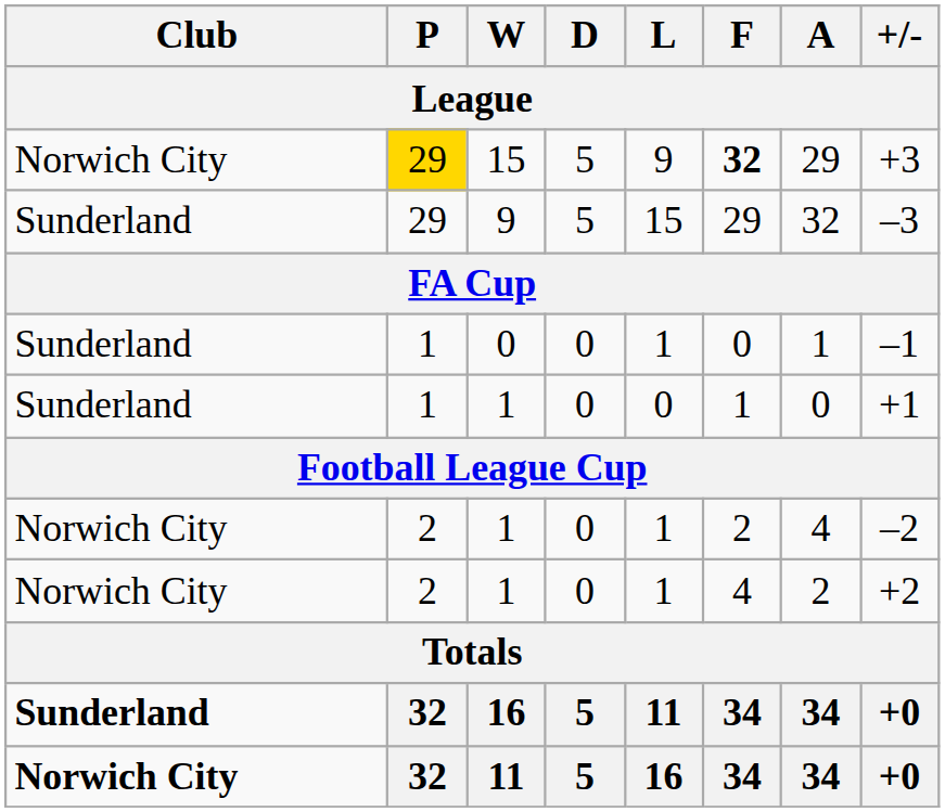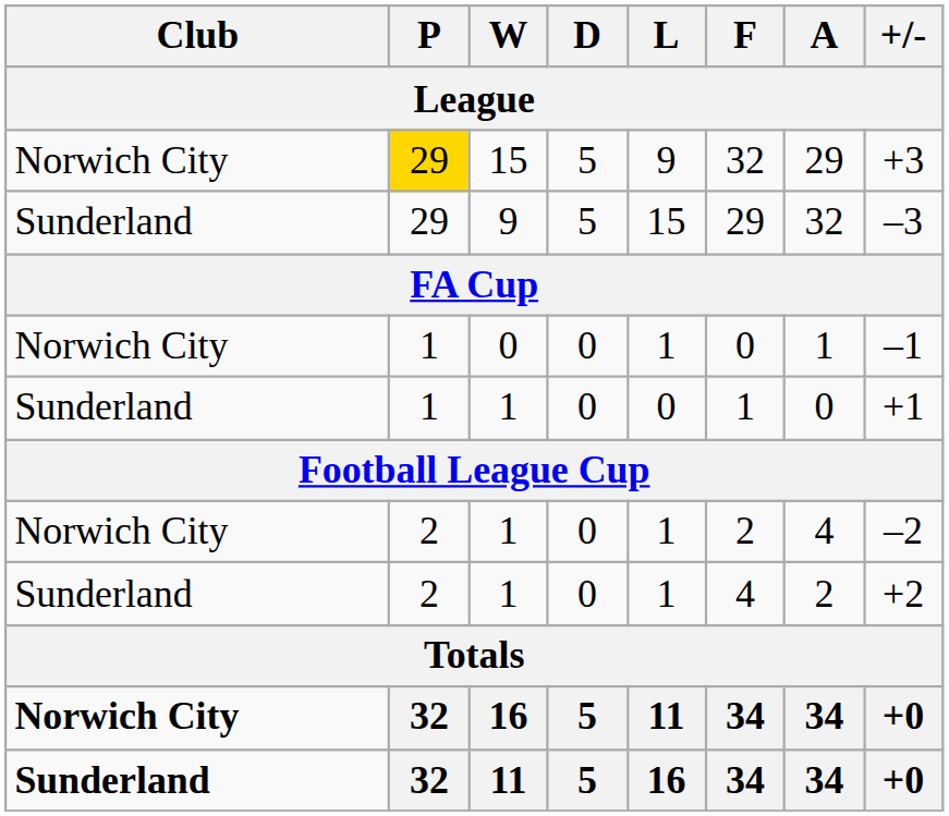 <table class="wikitable" border="1">
 <tr>
 <th width="150">Club</th>
 <th width="25">P</th>
 <th width="25">W</th>
 <th width="25">D</th>
 <th width="25">L</th>
 <th width="25">F</th>
 <th width="25">A</th>
 <th width="25">+/-</th>
 </tr>
 <tr>
 <th colspan=8>League</th>
 </tr>
 <tr>
 <td>Norwich City</td>
 <td align="center" style="background: gold;">29</td>
 <td align="center">15</td>
 <td align="center">5</td>
 <td align="center">9</td>
-<td align="center"><strong>32</strong></td>
+<td align="center">32</td>
 <td align="center">29</td>
 <td align="center">+3</td>
 </tr>
 <tr>
 <td>Sunderland</td>
 <td align="center">29</td>
 <td align="center">9</td>
 <td align="center">5</td>
 <td align="center">15</td>
 <td align="center">29</td>
 <td align="center">32</td>
 <td align="center">–3</td>
 </tr>
 <tr>
 <th colspan=8><a href='#'>FA Cup</a></th>
 </tr>
 <tr>
-<td>Sunderland</td>
+<td>Norwich City</td>
 <td align="center">1</td>
 <td align="center">0</td>
 <td align="center">0</td>
 <td align="center">1</td>
 <td align="center">0</td>
 <td align="center">1</td>
 <td align="center">–1</td>
 </tr>
 <tr>
 <td>Sunderland</td>
 <td align="center">1</td>
 <td align="center">1</td>
 <td align="center">0</td>
 <td align="center">0</td>
 <td align="center">1</td>
 <td align="center">0</td>
 <td align="center">+1</td>
 </tr>
 <tr>
 <th colspan=8><a href='#'>Football League Cup</a></th>
 </tr>
 <tr>
 <td>Norwich City</td>
 <td align="center">2</td>
 <td align="center">1</td>
 <td align="center">0</td>
 <td align="center">1</td>
 <td align="center">2</td>
 <td align="center">4</td>
 <td align="center">–2</td>
 </tr>
 <tr>
-<td>Norwich City</td>
+<td>Sunderland</td>
 <td align="center">2</td>
 <td align="center">1</td>
 <td align="center">0</td>
 <td align="center">1</td>
 <td align="center">4</td>
 <td align="center">2</td>
 <td align="center">+2</td>
 </tr>
 <tr>
 <th colspan=8>Totals</th>
 </tr>
 <tr>
-<td><strong>Sunderland</strong></td>
+<td><strong>Norwich City</strong></td>
 <th>32</th>
 <th>16</th>
 <th>5</th>
 <th>11</th>
 <th>34</th>
 <th>34</th>
 <th>+0</th>
 </tr>
 <tr>
-<td><strong>Norwich City</strong></td>
+<td><strong>Sunderland</strong></td>
 <th>32</th>
 <th>11</th>
 <th>5</th>
 <th>16</th>
 <th>34</th>
 <th>34</th>
 <th>+0</th>
 </tr>
 </table>
